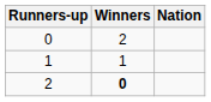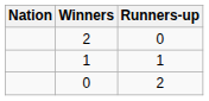 <table class="wikitable sortable">
 <tr>
+<th>Nation</th>
+<th>Winners</th>
 <th>Runners-up</th>
-<th>Winners</th>
-<th>Nation</th>
 </tr>
 <tr>
+<td></td>
+<td align=center>2</td>
+<td align=center>0</td>
+</tr>
+<tr>
+<td></td>
+<td align=center>1</td>
+<td align=center>1</td>
+</tr>
+<tr>
+<td></td>
 <td align=center>0</td>
 <td align=center>2</td>
-<td></td>
-</tr>
-<tr>
-<td align=center>1</td>
-<td align=center>1</td>
-<td></td>
-</tr>
-<tr>
-<td align=center>2</td>
-<td align=center><strong>0</strong></td>
-<td></td>
 </tr>
 </table>
